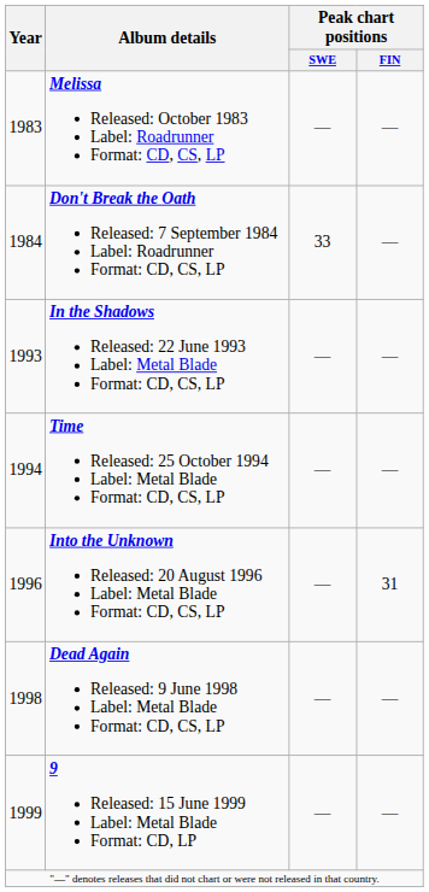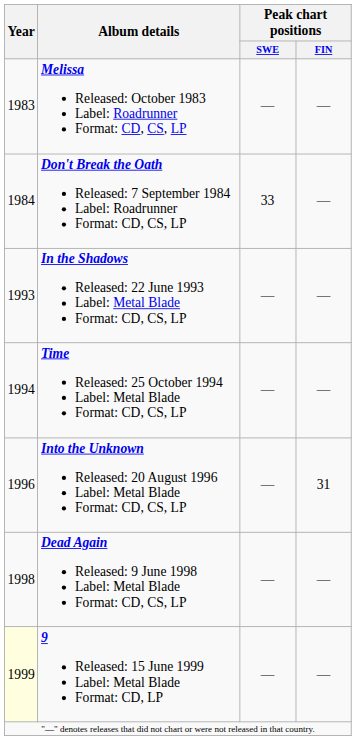 <table class="wikitable" border="1">
 <tr>
 <th rowspan="2">Year</th>
 <th rowspan="2" width="230">Album details</th>
 <th colspan="2">Peak chart positions</th>
 </tr>
 <tr>
 <th style="width:5em;font-size:75%;"><a href='#'>SWE</a><br></th>
 <th style="width:5em;font-size:75%;"><a href='#'>FIN</a><br></th>
 </tr>
 <tr>
 <td>1983</td>
 <td><strong><em><a href='#'>Melissa</a></em></strong><br><ul><li>Released: October 1983</li><li>Label: <a href='#'>Roadrunner</a></li><li>Format: <a href='#'>CD</a>, <a href='#'>CS</a>, <a href='#'>LP</a></li></ul></td>
 <td align="center">—</td>
 <td align="center">—</td>
 </tr>
 <tr>
 <td>1984</td>
 <td><strong><em><a href='#'>Don't Break the Oath</a></em></strong><br><ul><li>Released: 7 September 1984</li><li>Label: Roadrunner</li><li>Format: CD, CS, LP</li></ul></td>
 <td align="center">33</td>
 <td align="center">—</td>
 </tr>
 <tr>
 <td>1993</td>
 <td><strong><em><a href='#'>In the Shadows</a></em></strong><br><ul><li>Released: 22 June 1993</li><li>Label: <a href='#'>Metal Blade</a></li><li>Format: CD, CS, LP</li></ul></td>
 <td align="center">—</td>
 <td align="center">—</td>
 </tr>
 <tr>
 <td>1994</td>
 <td><strong><em><a href='#'>Time</a></em></strong><br><ul><li>Released: 25 October 1994</li><li>Label: Metal Blade</li><li>Format: CD, CS, LP</li></ul></td>
 <td align="center">—</td>
 <td align="center">—</td>
 </tr>
 <tr>
 <td>1996</td>
 <td><strong><em><a href='#'>Into the Unknown</a></em></strong><br><ul><li>Released: 20 August 1996</li><li>Label: Metal Blade</li><li>Format: CD, CS, LP</li></ul></td>
 <td align="center">—</td>
 <td align="center">31</td>
 </tr>
 <tr>
 <td>1998</td>
 <td><strong><em><a href='#'>Dead Again</a></em></strong><br><ul><li>Released: 9 June 1998</li><li>Label: Metal Blade</li><li>Format: CD, CS, LP</li></ul></td>
 <td align="center">—</td>
 <td align="center">—</td>
 </tr>
 <tr>
-<td>1999</td>
+<td style="background: lightyellow;">1999</td>
 <td><strong><em><a href='#'>9</a></em></strong><br><ul><li>Released: 15 June 1999</li><li>Label: Metal Blade</li><li>Format: CD, LP</li></ul></td>
 <td align="center">—</td>
 <td align="center">—</td>
 </tr>
 <tr>
 <td align="center" colspan="12" style="font-size: 8pt">"—" denotes releases that did not chart or were not released in that country.</td>
 </tr>
 </table>
